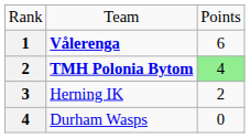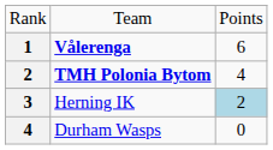 <table class="wikitable" style="text-align: center;">
 <tr>
 <td>Rank</td>
 <td>Team</td>
 <td>Points</td>
 </tr>
 <tr>
 <th>1</th>
 <td style="text-align: left;"> <strong><a href='#'>Vålerenga</a></strong></td>
 <td>6</td>
 </tr>
 <tr>
 <th>2</th>
 <td style="text-align: left;"> <strong><a href='#'>TMH Polonia Bytom</a></strong></td>
-<td style="background: lightgreen;">4</td>
+<td>4</td>
 </tr>
 <tr>
 <th>3</th>
 <td style="text-align: left;"> <a href='#'>Herning IK</a></td>
-<td>2</td>
+<td style="background: lightblue;">2</td>
 </tr>
 <tr>
 <th>4</th>
 <td style="text-align: left;"> <a href='#'>Durham Wasps</a></td>
 <td>0</td>
 </tr>
 </table>
